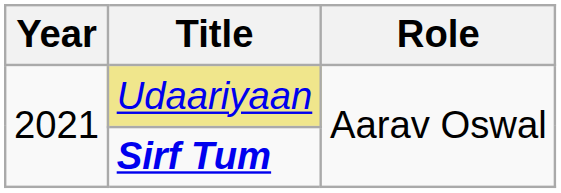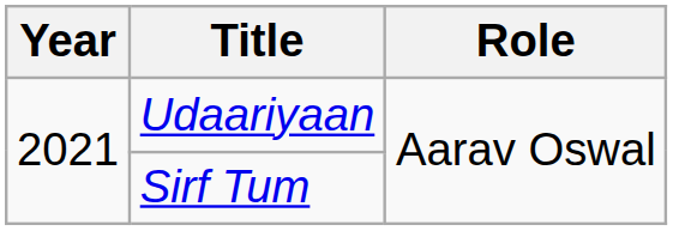 <table class="wikitable">
 <tr>
 <th>Year</th>
 <th>Title</th>
 <th>Role</th>
 </tr>
 <tr>
 <td rowspan="2">2021</td>
-<td style="background: khaki;"><em><a href='#'>Udaariyaan</a></em></td>
+<td><em><a href='#'>Udaariyaan</a></em></td>
 <td rowspan="2">Aarav Oswal</td>
 </tr>
 <tr>
-<td><strong><em><a href='#'>Sirf Tum</a></em></strong></td>
+<td><em><a href='#'>Sirf Tum</a></em></td>
 </tr>
 </table>
